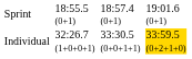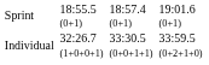 <table>
 <tr>
 <td>Sprint<br></td>
 <td></td>
 <td>18:55.5<br><small>(0+1)</small></td>
 <td></td>
 <td>18:57.4<br><small>(0+1)</small></td>
 <td></td>
 <td>19:01.6<br><small>(0+1)</small></td>
 </tr>
 <tr>
 <td>Individual<br></td>
 <td></td>
 <td>32:26.7<br><small>(1+0+0+1)</small></td>
 <td></td>
 <td>33:30.5<br><small>(0+0+1+1)</small></td>
 <td></td>
-<td style="background: gold;">33:59.5<br><small>(0+2+1+0)</small></td>
+<td>33:59.5<br><small>(0+2+1+0)</small></td>
 </tr>
 </table>
